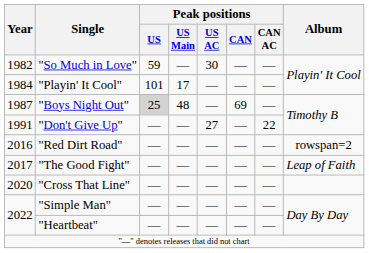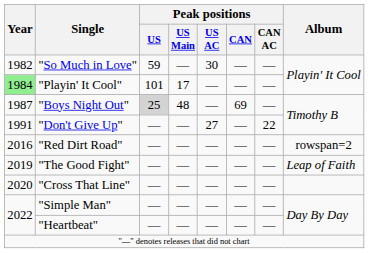 <table class="wikitable" style="text-align:center;">
 <tr>
 <th rowspan="2">Year</th>
 <th rowspan="2">Single</th>
 <th colspan="5">Peak positions</th>
 <th rowspan="2">Album</th>
 </tr>
 <tr style="font-size:smaller;">
 <th style="width:30px;"><a href='#'>US</a><br></th>
 <th style="width:30px;"><a href='#'>US Main</a></th>
 <th style="width:30px;"><a href='#'>US AC</a></th>
 <th style="width:30px;"><a href='#'>CAN</a></th>
 <th style="width:30px;">CAN AC</th>
 </tr>
 <tr>
 <td>1982</td>
 <td style="text-align:left;">"<a href='#'>So Much in Love</a>"</td>
 <td>59</td>
 <td>—</td>
 <td>30</td>
 <td>—</td>
 <td>—</td>
 <td style="text-align:left;" rowspan="2"><em>Playin' It Cool</em></td>
 </tr>
 <tr>
-<td>1984</td>
+<td style="background: lightgreen;">1984</td>
 <td style="text-align:left;">"Playin' It Cool"</td>
 <td>101</td>
 <td>17</td>
 <td>—</td>
 <td>—</td>
 <td>—</td>
 </tr>
 <tr>
 <td>1987</td>
 <td style="text-align:left;">"<a href='#'>Boys Night Out</a>"</td>
 <td style="background: lightgrey;">25</td>
 <td>48</td>
 <td>—</td>
 <td>69</td>
 <td>—</td>
 <td style="text-align:left;" rowspan="2"><em>Timothy B</em></td>
 </tr>
 <tr>
 <td>1991</td>
 <td style="text-align:left;">"<a href='#'>Don't Give Up</a>"</td>
 <td>—</td>
 <td>—</td>
 <td>27</td>
 <td>—</td>
 <td>22</td>
 </tr>
 <tr>
 <td>2016</td>
 <td style="text-align:left;">"Red Dirt Road"</td>
 <td>—</td>
 <td>—</td>
 <td>—</td>
 <td>—</td>
 <td>—</td>
 <td>rowspan=2 </td>
 </tr>
 <tr>
-<td>2017</td>
+<td>2019</td>
 <td style="text-align:left;">"The Good Fight"<br> </td>
 <td>—</td>
 <td>—</td>
 <td>—</td>
 <td>—</td>
 <td>—</td>
 <td style="text-align:left;"><em>Leap of Faith</em></td>
 </tr>
 <tr>
 <td>2020</td>
 <td style="text-align:left;">"Cross That Line"</td>
 <td>—</td>
 <td>—</td>
 <td>—</td>
 <td>—</td>
 <td>—</td>
 </tr>
 <tr>
 <td rowspan=2>2022</td>
 <td style="text-align:left;">"Simple Man"</td>
 <td>—</td>
 <td>—</td>
 <td>—</td>
 <td>—</td>
 <td>—</td>
 <td style="text-align:left;" rowspan=2><em>Day By Day</em></td>
 </tr>
 <tr>
 <td style="text-align:left;">"Heartbeat"</td>
 <td>—</td>
 <td>—</td>
 <td>—</td>
 <td>—</td>
 <td>—</td>
 </tr>
 <tr>
 <td colspan="10" style="font-size:8pt">"—" denotes releases that did not chart</td>
 </tr>
 </table>
